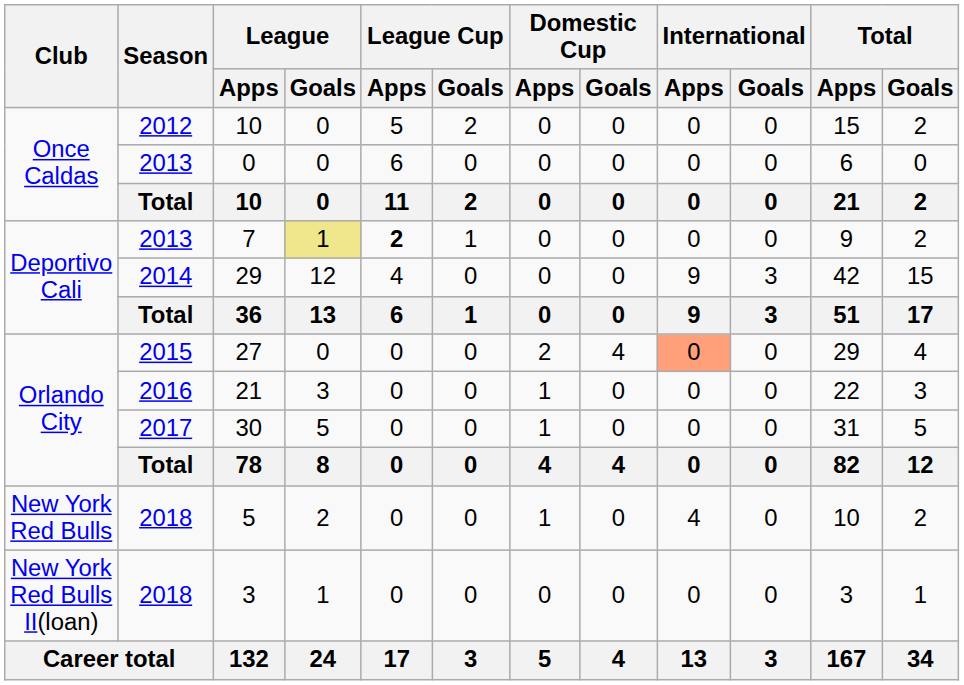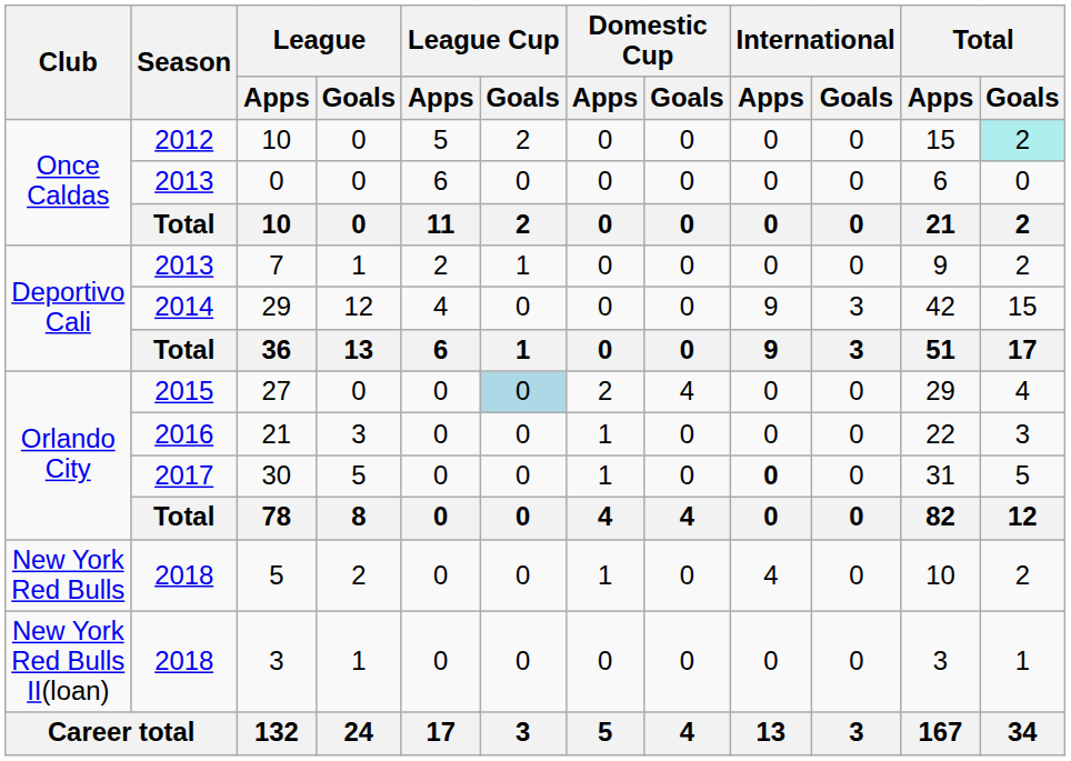 <table class="wikitable" style="text-align: center;">
 <tr>
 <th rowspan="2">Club</th>
 <th rowspan="2">Season</th>
 <th colspan="2">League</th>
 <th colspan="2">League Cup</th>
 <th colspan="2">Domestic Cup</th>
 <th colspan="2">International</th>
 <th colspan="2">Total</th>
 </tr>
 <tr>
 <th>Apps</th>
 <th>Goals</th>
 <th>Apps</th>
 <th>Goals</th>
 <th>Apps</th>
 <th>Goals</th>
 <th>Apps</th>
 <th>Goals</th>
 <th>Apps</th>
 <th>Goals</th>
 </tr>
 <tr>
 <td rowspan="3"><a href='#'>Once Caldas</a></td>
 <td><a href='#'>2012</a></td>
 <td>10</td>
 <td>0</td>
 <td>5</td>
 <td>2</td>
 <td>0</td>
 <td>0</td>
 <td>0</td>
 <td>0</td>
 <td>15</td>
-<td>2</td>
+<td style="background: paleturquoise;">2</td>
 </tr>
 <tr>
 <td><a href='#'>2013</a></td>
 <td>0</td>
 <td>0</td>
 <td>6</td>
 <td>0</td>
 <td>0</td>
 <td>0</td>
 <td>0</td>
 <td>0</td>
 <td>6</td>
 <td>0</td>
 </tr>
 <tr>
 <th>Total</th>
 <th>10</th>
 <th>0</th>
 <th>11</th>
 <th>2</th>
 <th>0</th>
 <th>0</th>
 <th>0</th>
 <th>0</th>
 <th>21</th>
 <th>2</th>
 </tr>
 <tr>
 <td rowspan="3"><a href='#'>Deportivo Cali</a></td>
 <td><a href='#'>2013</a></td>
 <td>7</td>
-<td style="background: khaki;">1</td>
-<td><strong>2</strong></td>
+<td>1</td>
+<td>2</td>
 <td>1</td>
 <td>0</td>
 <td>0</td>
 <td>0</td>
 <td>0</td>
 <td>9</td>
 <td>2</td>
 </tr>
 <tr>
 <td><a href='#'>2014</a></td>
 <td>29</td>
 <td>12</td>
 <td>4</td>
 <td>0</td>
 <td>0</td>
 <td>0</td>
 <td>9</td>
 <td>3</td>
 <td>42</td>
 <td>15</td>
 </tr>
 <tr>
 <th>Total</th>
 <th>36</th>
 <th>13</th>
 <th>6</th>
 <th>1</th>
 <th>0</th>
 <th>0</th>
 <th>9</th>
 <th>3</th>
 <th>51</th>
 <th>17</th>
 </tr>
 <tr>
 <td rowspan="4"><a href='#'>Orlando City</a></td>
 <td><a href='#'>2015</a></td>
 <td>27</td>
 <td>0</td>
 <td>0</td>
-<td>0</td>
+<td style="background: lightblue;">0</td>
 <td>2</td>
 <td>4</td>
-<td style="background: lightsalmon;">0</td>
+<td>0</td>
 <td>0</td>
 <td>29</td>
 <td>4</td>
 </tr>
 <tr>
 <td><a href='#'>2016</a></td>
 <td>21</td>
 <td>3</td>
 <td>0</td>
 <td>0</td>
 <td>1</td>
 <td>0</td>
 <td>0</td>
 <td>0</td>
 <td>22</td>
 <td>3</td>
 </tr>
 <tr>
 <td><a href='#'>2017</a></td>
 <td>30</td>
 <td>5</td>
 <td>0</td>
 <td>0</td>
 <td>1</td>
 <td>0</td>
-<td>0</td>
+<td><strong>0</strong></td>
 <td>0</td>
 <td>31</td>
 <td>5</td>
 </tr>
 <tr>
 <th>Total</th>
 <th>78</th>
 <th>8</th>
 <th>0</th>
 <th>0</th>
 <th>4</th>
 <th>4</th>
 <th>0</th>
 <th>0</th>
 <th>82</th>
 <th>12</th>
 </tr>
 <tr>
 <td rowspan="1"><a href='#'>New York Red Bulls</a></td>
 <td><a href='#'>2018</a></td>
 <td>5</td>
 <td>2</td>
 <td>0</td>
 <td>0</td>
 <td>1</td>
 <td>0</td>
 <td>4</td>
 <td>0</td>
 <td>10</td>
 <td>2</td>
 </tr>
 <tr>
 <td rowspan="1"><a href='#'>New York Red Bulls II</a>(loan)</td>
 <td><a href='#'>2018</a></td>
 <td>3</td>
 <td>1</td>
 <td>0</td>
 <td>0</td>
 <td>0</td>
 <td>0</td>
 <td>0</td>
 <td>0</td>
 <td>3</td>
 <td>1</td>
 </tr>
 <tr>
 <th colspan="2">Career total</th>
 <th>132</th>
 <th>24</th>
 <th>17</th>
 <th>3</th>
 <th>5</th>
 <th>4</th>
 <th>13</th>
 <th>3</th>
 <th>167</th>
 <th>34</th>
 </tr>
 </table>
